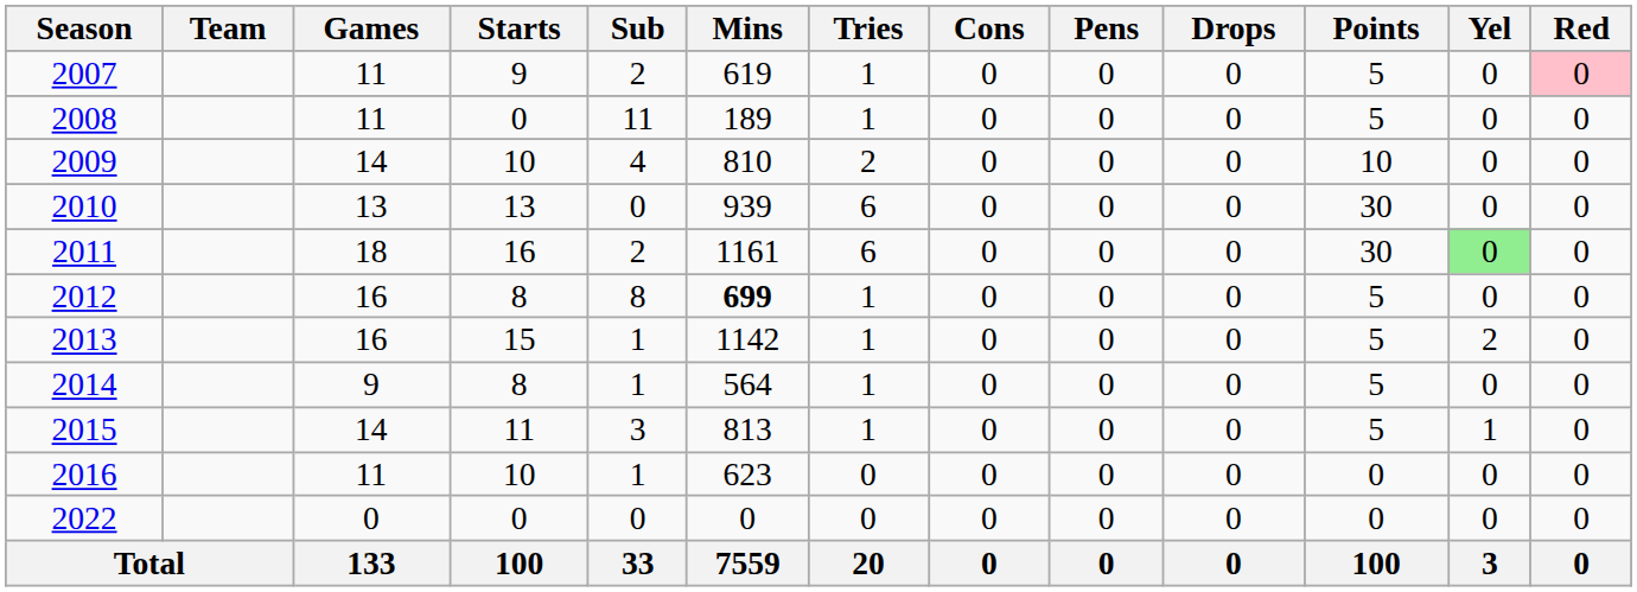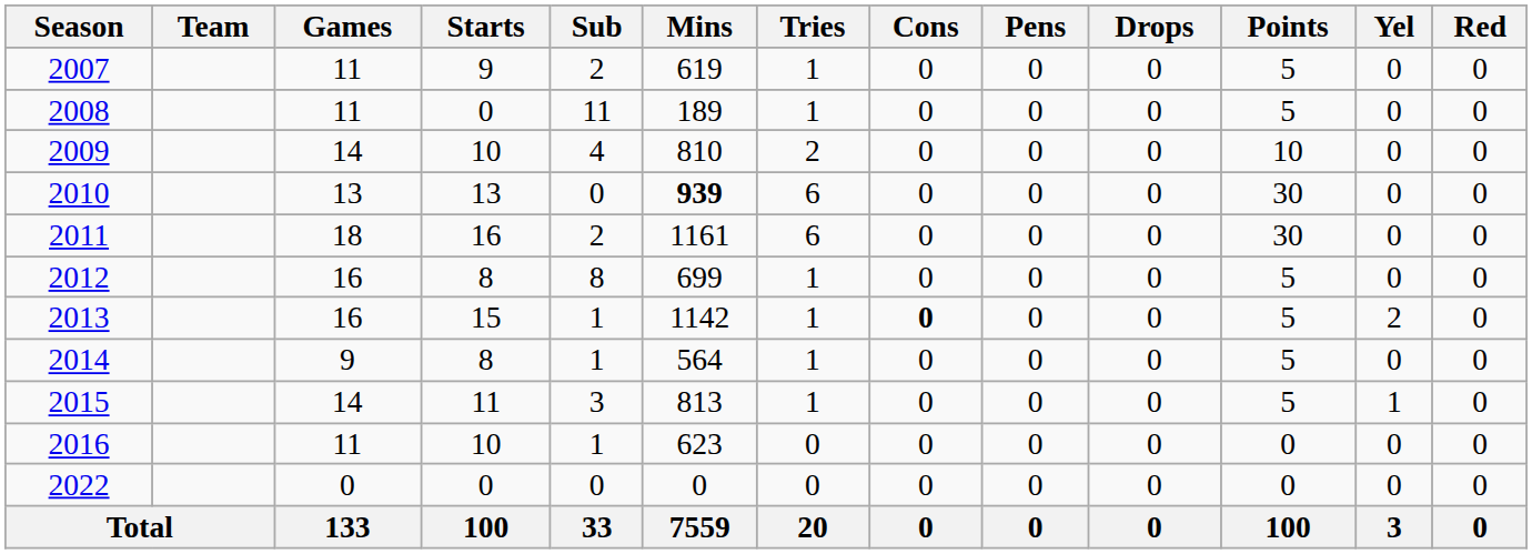 <table class="wikitable" style="text-align:center; line-height:90%; font-size:95%; width:60%;">
 <tr>
 <th>Season</th>
 <th>Team</th>
 <th>Games</th>
 <th>Starts</th>
 <th>Sub</th>
 <th>Mins</th>
 <th>Tries</th>
 <th>Cons</th>
 <th>Pens</th>
 <th>Drops</th>
 <th>Points</th>
 <th>Yel</th>
 <th>Red</th>
 </tr>
 <tr>
 <td><a href='#'>2007</a></td>
 <td></td>
 <td>11</td>
 <td>9</td>
 <td>2</td>
 <td>619</td>
 <td>1</td>
 <td>0</td>
 <td>0</td>
 <td>0</td>
 <td>5</td>
 <td>0</td>
-<td style="background: pink;">0</td>
+<td>0</td>
 </tr>
 <tr>
 <td><a href='#'>2008</a></td>
 <td></td>
 <td>11</td>
 <td>0</td>
 <td>11</td>
 <td>189</td>
 <td>1</td>
 <td>0</td>
 <td>0</td>
 <td>0</td>
 <td>5</td>
 <td>0</td>
 <td>0</td>
 </tr>
 <tr>
 <td><a href='#'>2009</a></td>
 <td></td>
 <td>14</td>
 <td>10</td>
 <td>4</td>
 <td>810</td>
 <td>2</td>
 <td>0</td>
 <td>0</td>
 <td>0</td>
 <td>10</td>
 <td>0</td>
 <td>0</td>
 </tr>
 <tr>
 <td><a href='#'>2010</a></td>
 <td></td>
 <td>13</td>
 <td>13</td>
 <td>0</td>
-<td>939</td>
+<td><strong>939</strong></td>
 <td>6</td>
 <td>0</td>
 <td>0</td>
 <td>0</td>
 <td>30</td>
 <td>0</td>
 <td>0</td>
 </tr>
 <tr>
 <td><a href='#'>2011</a></td>
 <td></td>
 <td>18</td>
 <td>16</td>
 <td>2</td>
 <td>1161</td>
 <td>6</td>
 <td>0</td>
 <td>0</td>
 <td>0</td>
 <td>30</td>
-<td style="background: lightgreen;">0</td>
+<td>0</td>
 <td>0</td>
 </tr>
 <tr>
 <td><a href='#'>2012</a></td>
 <td></td>
 <td>16</td>
 <td>8</td>
 <td>8</td>
-<td><strong>699</strong></td>
+<td>699</td>
 <td>1</td>
 <td>0</td>
 <td>0</td>
 <td>0</td>
 <td>5</td>
 <td>0</td>
 <td>0</td>
 </tr>
 <tr>
 <td><a href='#'>2013</a></td>
 <td></td>
 <td>16</td>
 <td>15</td>
 <td>1</td>
 <td>1142</td>
 <td>1</td>
-<td>0</td>
+<td><strong>0</strong></td>
 <td>0</td>
 <td>0</td>
 <td>5</td>
 <td>2</td>
 <td>0</td>
 </tr>
 <tr>
 <td><a href='#'>2014</a></td>
 <td></td>
 <td>9</td>
 <td>8</td>
 <td>1</td>
 <td>564</td>
 <td>1</td>
 <td>0</td>
 <td>0</td>
 <td>0</td>
 <td>5</td>
 <td>0</td>
 <td>0</td>
 </tr>
 <tr>
 <td><a href='#'>2015</a></td>
 <td></td>
 <td>14</td>
 <td>11</td>
 <td>3</td>
 <td>813</td>
 <td>1</td>
 <td>0</td>
 <td>0</td>
 <td>0</td>
 <td>5</td>
 <td>1</td>
 <td>0</td>
 </tr>
 <tr>
 <td><a href='#'>2016</a></td>
 <td></td>
 <td>11</td>
 <td>10</td>
 <td>1</td>
 <td>623</td>
 <td>0</td>
 <td>0</td>
 <td>0</td>
 <td>0</td>
 <td>0</td>
 <td>0</td>
 <td>0</td>
 </tr>
 <tr>
 <td><a href='#'>2022</a></td>
 <td></td>
 <td>0</td>
 <td>0</td>
 <td>0</td>
 <td>0</td>
 <td>0</td>
 <td>0</td>
 <td>0</td>
 <td>0</td>
 <td>0</td>
 <td>0</td>
 <td>0</td>
 </tr>
 <tr>
 <th colspan="2">Total</th>
 <th>133</th>
 <th>100</th>
 <th>33</th>
 <th>7559</th>
 <th>20</th>
 <th>0</th>
 <th>0</th>
 <th>0</th>
 <th>100</th>
 <th>3</th>
 <th>0</th>
 </tr>
 </table>
